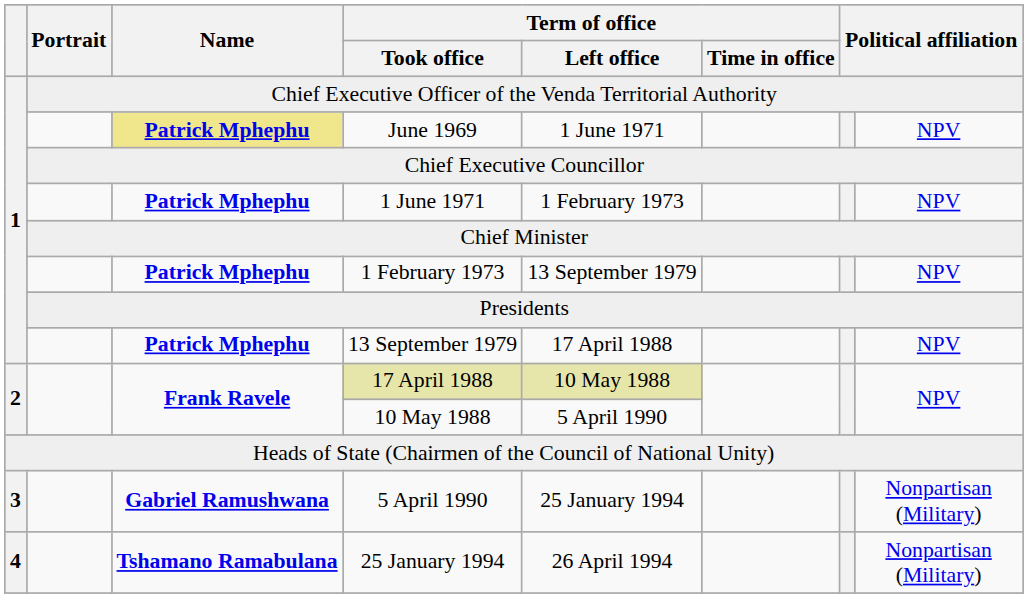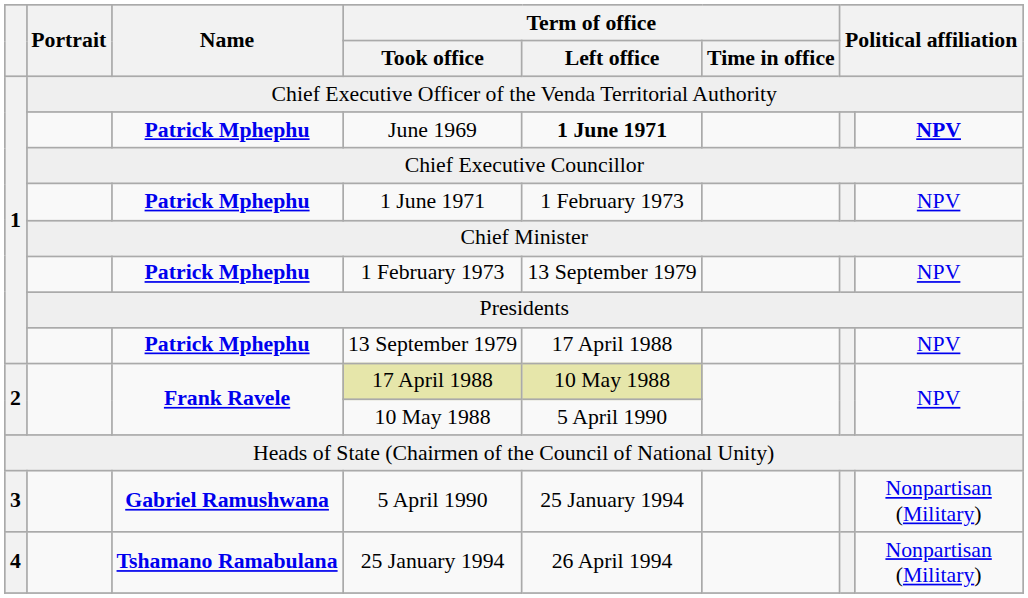 <table class="wikitable" style="font-size:80%;text-align:center">
 <tr>
 <th rowspan=2></th>
 <th rowspan=2>Portrait</th>
 <th rowspan=2>Name<br></th>
 <th colspan=3>Term of office</th>
 <th rowspan=2 colspan=2>Political affiliation</th>
 </tr>
 <tr>
 <th>Took office</th>
 <th>Left office</th>
 <th>Time in office</th>
 </tr>
 <tr style="background:#efefef;">
 <th rowspan=8>1</th>
 <td colspan=8>Chief Executive Officer of the Venda Territorial Authority</td>
 </tr>
 <tr>
 <td></td>
-<td style="background: khaki;"><strong><a href='#'>Patrick Mphephu</a></strong><br></td>
+<td><strong><a href='#'>Patrick Mphephu</a></strong><br></td>
 <td>June 1969</td>
-<td>1 June 1971</td>
+<td><strong>1 June 1971</strong></td>
 <td></td>
 <th style="background:"></th>
-<td><a href='#'>NPV</a></td>
+<td><strong><a href='#'>NPV</a></strong></td>
 </tr>
 <tr style="background:#efefef;">
 <td colspan=8>Chief Executive Councillor</td>
 </tr>
 <tr>
 <td></td>
 <td><strong><a href='#'>Patrick Mphephu</a></strong><br></td>
 <td>1 June 1971</td>
 <td>1 February 1973</td>
 <td></td>
 <th style="background:"></th>
 <td><a href='#'>NPV</a></td>
 </tr>
 <tr style="background:#efefef;">
 <td colspan=8>Chief Minister</td>
 </tr>
 <tr>
 <td></td>
 <td><strong><a href='#'>Patrick Mphephu</a></strong><br></td>
 <td>1 February 1973</td>
 <td>13 September 1979</td>
 <td></td>
 <th style="background:"></th>
 <td><a href='#'>NPV</a></td>
 </tr>
 <tr style="background:#efefef;">
 <td colspan=8>Presidents</td>
 </tr>
 <tr>
 <td></td>
 <td><strong><a href='#'>Patrick Mphephu</a></strong><br></td>
 <td>13 September 1979</td>
 <td>17 April 1988 </td>
 <td></td>
 <th style="background:"></th>
 <td><a href='#'>NPV</a></td>
 </tr>
 <tr>
 <th rowspan=2>2</th>
 <td rowspan=2></td>
 <td rowspan=2><strong><a href='#'>Frank Ravele</a></strong><br></td>
 <td style="background:#e6e6aa;">17 April 1988</td>
 <td style="background:#e6e6aa;">10 May 1988</td>
 <td rowspan=2></td>
 <th rowspan=2 style="background:"></th>
 <td rowspan=2><a href='#'>NPV</a></td>
 </tr>
 <tr>
 <td>10 May 1988</td>
 <td>5 April 1990<br></td>
 </tr>
 <tr style="background:#efefef;">
 <td colspan=8>Heads of State (Chairmen of the Council of National Unity)</td>
 </tr>
 <tr>
 <th>3</th>
 <td></td>
 <td><strong><a href='#'>Gabriel Ramushwana</a></strong><br></td>
 <td>5 April 1990</td>
 <td>25 January 1994</td>
 <td></td>
 <th style="background:"></th>
 <td><a href='#'>Nonpartisan</a><br>(<a href='#'>Military</a>)</td>
 </tr>
 <tr>
 <th>4</th>
 <td></td>
 <td><strong><a href='#'>Tshamano Ramabulana</a></strong><br></td>
 <td>25 January 1994</td>
 <td>26 April 1994</td>
 <td></td>
 <th style="background:"></th>
 <td><a href='#'>Nonpartisan</a><br>(<a href='#'>Military</a>)</td>
 </tr>
 </table>
